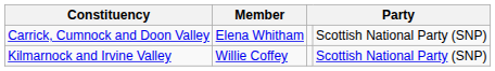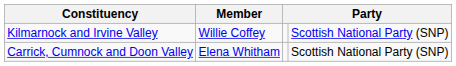 <table class="wikitable" style="font-size: 95%;">
 <tr>
 <th>Constituency</th>
 <th>Member</th>
 <th colspan=2>Party</th>
 </tr>
 <tr>
+<td><a href='#'>Kilmarnock and Irvine Valley</a></td>
+<td><a href='#'>Willie Coffey</a></td>
+<td></td>
+<td><a href='#'>Scottish National Party</a> (SNP)</td>
+</tr>
+<tr>
 <td><a href='#'>Carrick, Cumnock and Doon Valley</a></td>
 <td><a href='#'>Elena Whitham</a></td>
 <td></td>
 <td>Scottish National Party (SNP)</td>
 </tr>
-<tr>
-<td><a href='#'>Kilmarnock and Irvine Valley</a></td>
-<td><a href='#'>Willie Coffey</a></td>
-<td></td>
-<td><a href='#'>Scottish National Party</a> (SNP)</td>
-</tr>
 </table>
